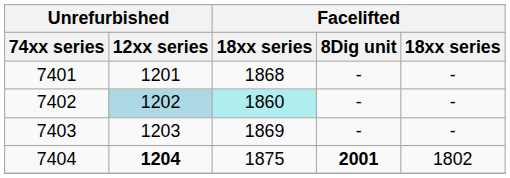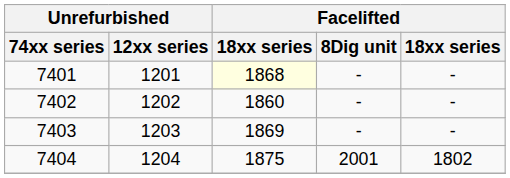 <table class="wikitable" style="text-align:center;">
 <tr>
 <th colspan=2>Unrefurbished</th>
 <th colspan=3>Facelifted</th>
 </tr>
 <tr>
 <th>74xx series</th>
 <th>12xx series</th>
 <th>18xx series</th>
 <th>8Dig unit</th>
 <th>18xx series</th>
 </tr>
 <tr>
 <td>7401</td>
 <td>1201</td>
-<td>1868</td>
+<td style="background: lightyellow;">1868</td>
 <td>-</td>
 <td>-</td>
 </tr>
 <tr>
 <td>7402</td>
-<td style="background: lightblue;">1202</td>
-<td style="background: paleturquoise;">1860</td>
+<td>1202</td>
+<td>1860</td>
 <td>-</td>
 <td>-</td>
 </tr>
 <tr>
 <td>7403</td>
 <td>1203</td>
 <td>1869</td>
 <td>-</td>
 <td>-</td>
 </tr>
 <tr>
 <td>7404</td>
-<td><strong>1204</strong></td>
+<td>1204</td>
 <td>1875</td>
-<td><strong>2001</strong></td>
+<td>2001</td>
 <td>1802</td>
 </tr>
 <tr>
 </tr>
 </table>
